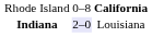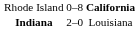 <table>
 <tr>
 <td align=center>Rhode Island</td>
 <td align=center>0–8</td>
 <td align=center><strong>California </strong></td>
 </tr>
 <tr>
 <td align=center><strong>Indiana</strong></td>
-<td align=center style="background: lavender;">2–0</td>
+<td align=center>2–0</td>
 <td align=center>Louisiana</td>
 </tr>
 </table>
